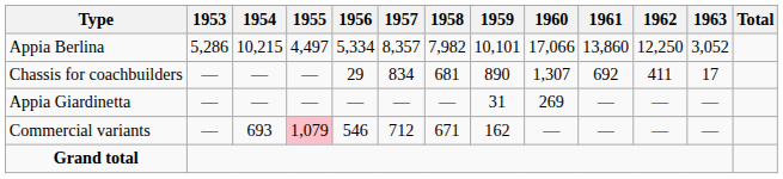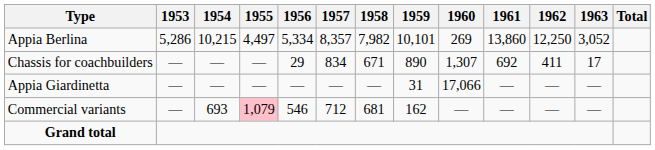 <table class="wikitable" style="font-size:90%; text-align:center;">
 <tr>
 <th>Type</th>
 <th>1953</th>
 <th>1954</th>
 <th>1955</th>
 <th>1956</th>
 <th>1957</th>
 <th>1958</th>
 <th>1959</th>
 <th>1960</th>
 <th>1961</th>
 <th>1962</th>
 <th>1963</th>
 <th>Total</th>
 </tr>
 <tr>
 <td style="text-align:left;">Appia Berlina</td>
 <td>5,286</td>
 <td>10,215</td>
 <td>4,497</td>
 <td>5,334</td>
 <td>8,357</td>
 <td>7,982</td>
 <td>10,101</td>
-<td>17,066</td>
+<td>269</td>
 <td>13,860</td>
 <td>12,250</td>
 <td>3,052</td>
 <td></td>
 </tr>
 <tr>
 <td style="text-align:left;">Chassis for coachbuilders</td>
 <td>—</td>
 <td>—</td>
 <td>—</td>
 <td>29</td>
 <td>834</td>
-<td>681</td>
+<td>671</td>
 <td>890</td>
 <td>1,307</td>
 <td>692</td>
 <td>411</td>
 <td>17</td>
 <td></td>
 </tr>
 <tr>
 <td style="text-align:left;">Appia Giardinetta</td>
 <td>—</td>
 <td>—</td>
 <td>—</td>
 <td>—</td>
 <td>—</td>
 <td>—</td>
 <td>31</td>
-<td>269</td>
+<td>17,066</td>
 <td>—</td>
 <td>—</td>
 <td>—</td>
 <td></td>
 </tr>
 <tr>
 <td style="text-align:left;">Commercial variants</td>
 <td>—</td>
 <td>693</td>
 <td style="background: pink;">1,079</td>
 <td>546</td>
 <td>712</td>
-<td>671</td>
+<td>681</td>
 <td>162</td>
 <td>—</td>
 <td>—</td>
 <td>—</td>
 <td>—</td>
 <td></td>
 </tr>
 <tr>
 <td><strong>Grand total</strong></td>
 <td colspan=11></td>
 <td style="text-align:right;"></td>
 </tr>
 </table>
